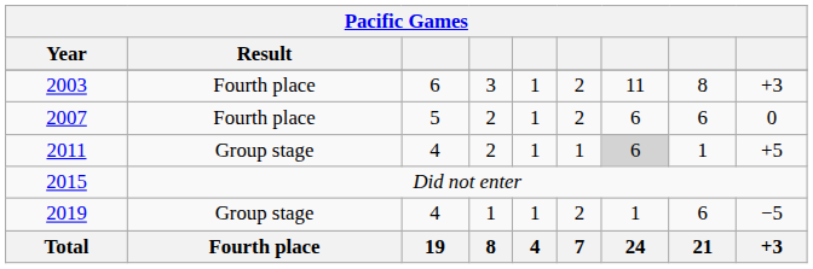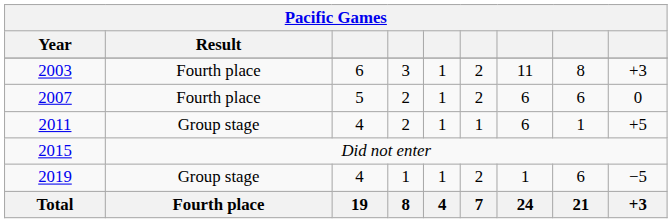 <table class="wikitable" style="text-align: center; width:50%;">
 <tr>
 <th colspan=10><a href='#'>Pacific Games</a></th>
 </tr>
 <tr>
 <th>Year</th>
 <th>Result</th>
 <th></th>
 <th></th>
 <th></th>
 <th></th>
 <th></th>
 <th></th>
 <th></th>
 </tr>
 <tr>
 </tr>
 <tr>
 </tr>
 <tr>
 </tr>
 <tr>
 <td> <a href='#'>2003</a></td>
 <td>Fourth place</td>
 <td>6</td>
 <td>3</td>
 <td>1</td>
 <td>2</td>
 <td>11</td>
 <td>8</td>
 <td>+3</td>
 </tr>
 <tr>
 <td> <a href='#'>2007</a></td>
 <td>Fourth place</td>
 <td>5</td>
 <td>2</td>
 <td>1</td>
 <td>2</td>
 <td>6</td>
 <td>6</td>
 <td>0</td>
 </tr>
 <tr>
 <td> <a href='#'>2011</a></td>
 <td>Group stage</td>
 <td>4</td>
 <td>2</td>
 <td>1</td>
 <td>1</td>
-<td style="background: lightgrey;">6</td>
+<td>6</td>
 <td>1</td>
 <td>+5</td>
 </tr>
 <tr>
 <td> <a href='#'>2015</a></td>
 <td colspan=8><em>Did not enter</em></td>
 </tr>
 <tr>
 <td> <a href='#'>2019</a></td>
 <td>Group stage</td>
 <td>4</td>
 <td>1</td>
 <td>1</td>
 <td>2</td>
 <td>1</td>
 <td>6</td>
 <td>−5</td>
 </tr>
 <tr>
 <th>Total</th>
 <th>Fourth place</th>
 <th>19</th>
 <th>8</th>
 <th>4</th>
 <th>7</th>
 <th>24</th>
 <th>21</th>
 <th>+3</th>
 </tr>
 </table>
